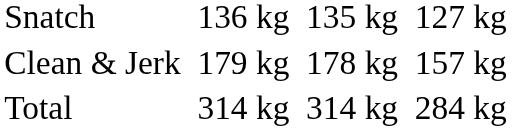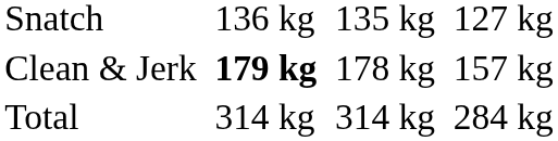 <table>
 <tr>
 <td>Snatch</td>
 <td></td>
 <td>136 kg</td>
 <td></td>
 <td>135 kg</td>
 <td></td>
 <td>127 kg</td>
 </tr>
 <tr>
 <td>Clean & Jerk</td>
 <td></td>
-<td>179 kg</td>
+<td><strong>179 kg</strong></td>
 <td></td>
 <td>178 kg</td>
 <td></td>
 <td>157 kg</td>
 </tr>
 <tr>
 <td>Total</td>
 <td></td>
 <td>314 kg</td>
 <td></td>
 <td>314 kg</td>
 <td></td>
 <td>284 kg</td>
 </tr>
 </table>
